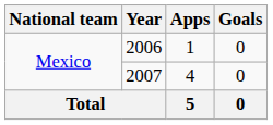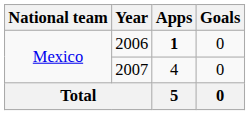 <table class="wikitable" style="text-align: center;">
 <tr>
 <th>National team</th>
 <th>Year</th>
 <th>Apps</th>
 <th>Goals</th>
 </tr>
 <tr>
 <td rowspan="2" valign="center"><a href='#'>Mexico</a></td>
 <td>2006</td>
-<td>1</td>
+<td><strong>1</strong></td>
 <td>0</td>
 </tr>
 <tr>
 <td>2007</td>
 <td>4</td>
 <td>0</td>
 </tr>
 <tr>
 <th colspan="2">Total</th>
 <th>5</th>
 <th>0</th>
 </tr>
 </table>
